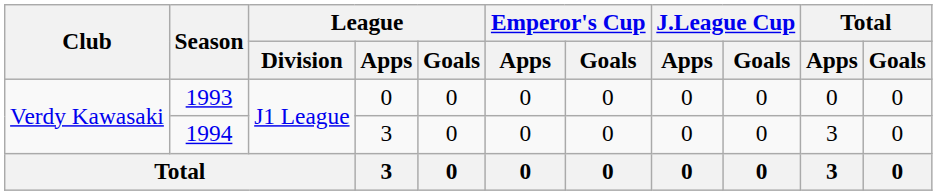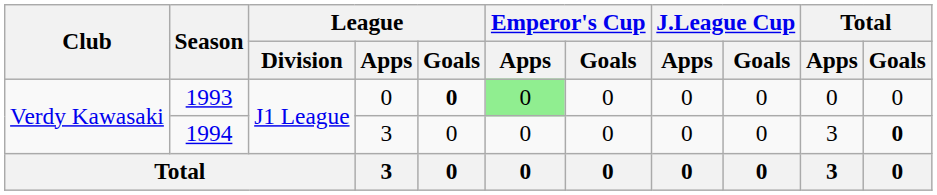 <table class="wikitable" style="text-align:center">
 <tr>
 <th rowspan="2">Club</th>
 <th rowspan="2">Season</th>
 <th colspan="3">League</th>
 <th colspan="2"><a href='#'>Emperor's Cup</a></th>
 <th colspan="2"><a href='#'>J.League Cup</a></th>
 <th colspan="2">Total</th>
 </tr>
 <tr>
 <th>Division</th>
 <th>Apps</th>
 <th>Goals</th>
 <th>Apps</th>
 <th>Goals</th>
 <th>Apps</th>
 <th>Goals</th>
 <th>Apps</th>
 <th>Goals</th>
 </tr>
 <tr>
 <td rowspan="2"><a href='#'>Verdy Kawasaki</a></td>
 <td><a href='#'>1993</a></td>
 <td rowspan="2"><a href='#'>J1 League</a></td>
 <td>0</td>
-<td>0</td>
-<td>0</td>
+<td><strong>0</strong></td>
+<td style="background: lightgreen;">0</td>
 <td>0</td>
 <td>0</td>
 <td>0</td>
 <td>0</td>
 <td>0</td>
 </tr>
 <tr>
 <td><a href='#'>1994</a></td>
 <td>3</td>
 <td>0</td>
 <td>0</td>
 <td>0</td>
 <td>0</td>
 <td>0</td>
 <td>3</td>
-<td>0</td>
+<td><strong>0</strong></td>
 </tr>
 <tr>
 <th colspan="3">Total</th>
 <th>3</th>
 <th>0</th>
 <th>0</th>
 <th>0</th>
 <th>0</th>
 <th>0</th>
 <th>3</th>
 <th>0</th>
 </tr>
 </table>
